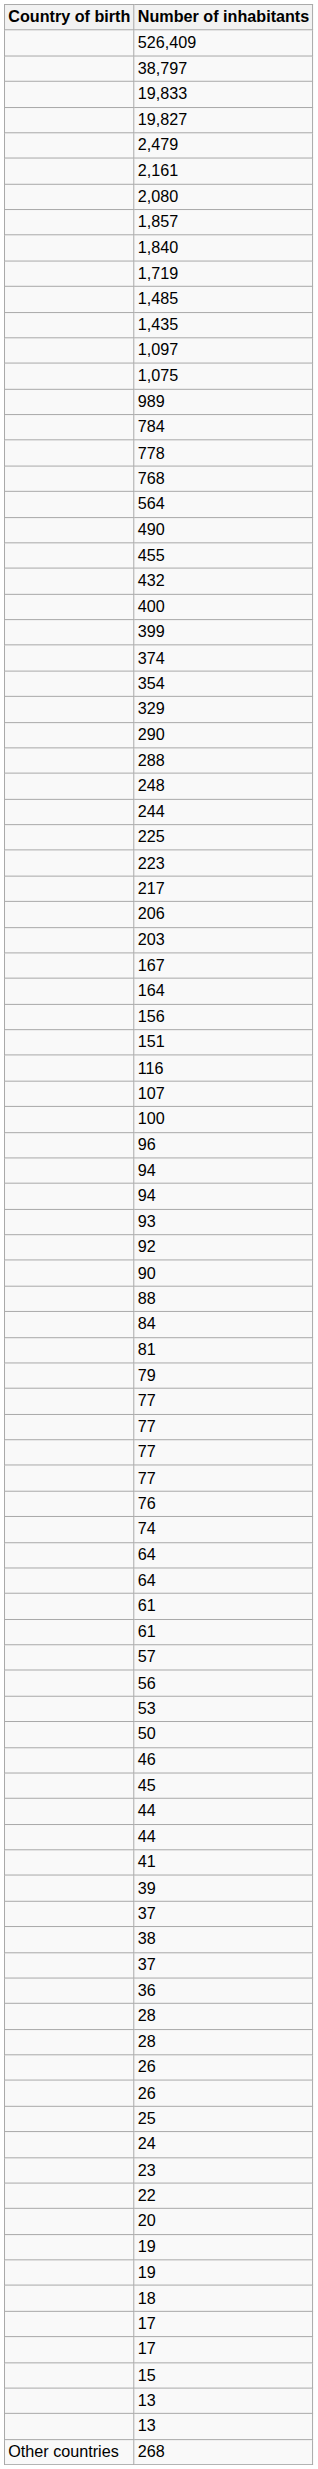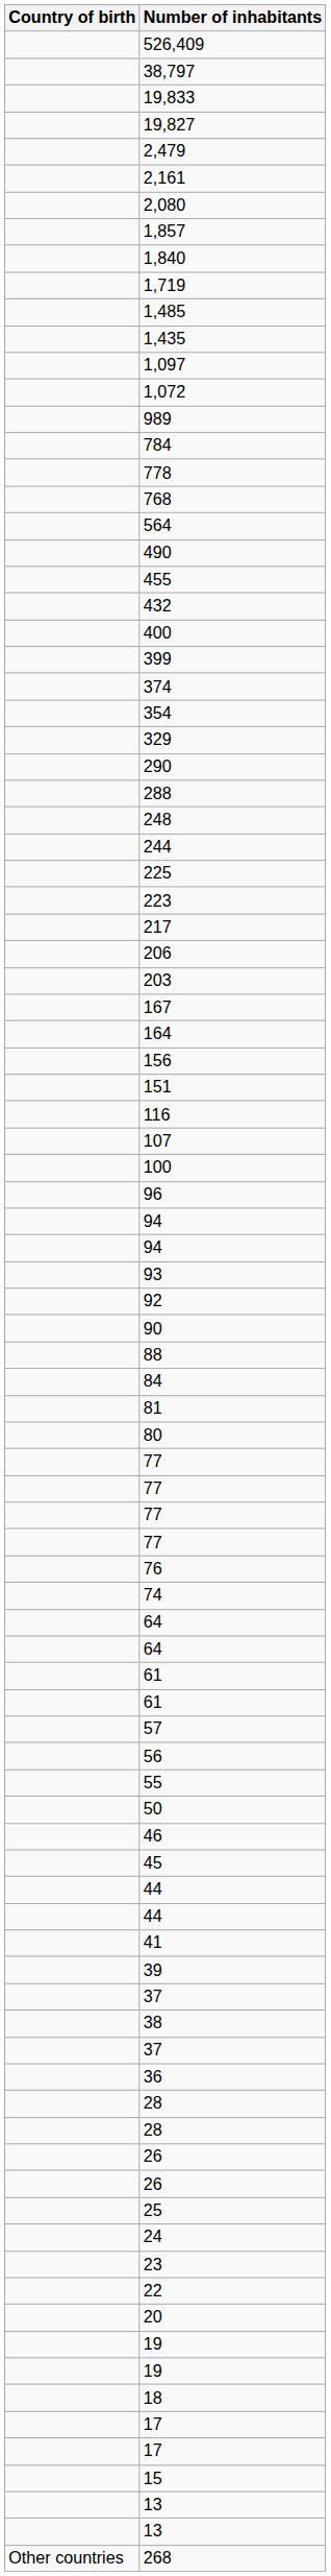 <table class="wikitable">
 <tr>
 <th>Country of birth</th>
 <th>Number of inhabitants</th>
 </tr>
 <tr>
 <td></td>
 <td>526,409</td>
 </tr>
 <tr>
 <td></td>
 <td>38,797</td>
 </tr>
 <tr>
 <td></td>
 <td>19,833</td>
 </tr>
 <tr>
 <td></td>
 <td>19,827</td>
 </tr>
 <tr>
 <td></td>
 <td>2,479</td>
 </tr>
 <tr>
 <td></td>
 <td>2,161</td>
 </tr>
 <tr>
 <td></td>
 <td>2,080</td>
 </tr>
 <tr>
 <td></td>
 <td>1,857</td>
 </tr>
 <tr>
 <td></td>
 <td>1,840</td>
 </tr>
 <tr>
 <td></td>
 <td>1,719</td>
 </tr>
 <tr>
 <td></td>
 <td>1,485</td>
 </tr>
 <tr>
 <td></td>
 <td>1,435</td>
 </tr>
 <tr>
 <td></td>
 <td>1,097</td>
 </tr>
 <tr>
 <td></td>
-<td>1,075</td>
+<td>1,072</td>
 </tr>
 <tr>
 <td></td>
 <td>989</td>
 </tr>
 <tr>
 <td></td>
 <td>784</td>
 </tr>
 <tr>
 <td></td>
 <td>778</td>
 </tr>
 <tr>
 <td></td>
 <td>768</td>
 </tr>
 <tr>
 <td></td>
 <td>564</td>
 </tr>
 <tr>
 <td></td>
 <td>490</td>
 </tr>
 <tr>
 <td></td>
 <td>455</td>
 </tr>
 <tr>
 <td></td>
 <td>432</td>
 </tr>
 <tr>
 <td> </td>
 <td>400</td>
 </tr>
 <tr>
 <td></td>
 <td>399</td>
 </tr>
 <tr>
 <td></td>
 <td>374</td>
 </tr>
 <tr>
 <td></td>
 <td>354</td>
 </tr>
 <tr>
 <td></td>
 <td>329</td>
 </tr>
 <tr>
 <td></td>
 <td>290</td>
 </tr>
 <tr>
 <td></td>
 <td>288</td>
 </tr>
 <tr>
 <td></td>
 <td>248</td>
 </tr>
 <tr>
 <td></td>
 <td>244</td>
 </tr>
 <tr>
 <td></td>
 <td>225</td>
 </tr>
 <tr>
 <td></td>
 <td>223</td>
 </tr>
 <tr>
 <td></td>
 <td>217</td>
 </tr>
 <tr>
 <td></td>
 <td>206</td>
 </tr>
 <tr>
 <td></td>
 <td>203</td>
 </tr>
 <tr>
 <td></td>
 <td>167</td>
 </tr>
 <tr>
 <td></td>
 <td>164</td>
 </tr>
 <tr>
 <td></td>
 <td>156</td>
 </tr>
 <tr>
 <td></td>
 <td>151</td>
 </tr>
 <tr>
 <td></td>
 <td>116</td>
 </tr>
 <tr>
 <td></td>
 <td>107</td>
 </tr>
 <tr>
 <td></td>
 <td>100</td>
 </tr>
 <tr>
 <td></td>
 <td>96</td>
 </tr>
 <tr>
 <td></td>
 <td>94</td>
 </tr>
 <tr>
 <td></td>
 <td>94</td>
 </tr>
 <tr>
 <td></td>
 <td>93</td>
 </tr>
 <tr>
 <td></td>
 <td>92</td>
 </tr>
 <tr>
 <td></td>
 <td>90</td>
 </tr>
 <tr>
 <td></td>
 <td>88</td>
 </tr>
 <tr>
 <td></td>
 <td>84</td>
 </tr>
 <tr>
 <td></td>
 <td>81</td>
 </tr>
 <tr>
 <td></td>
-<td>79</td>
+<td>80</td>
 </tr>
 <tr>
 <td></td>
 <td>77</td>
 </tr>
 <tr>
 <td></td>
 <td>77</td>
 </tr>
 <tr>
 <td></td>
 <td>77</td>
 </tr>
 <tr>
 <td></td>
 <td>77</td>
 </tr>
 <tr>
 <td></td>
 <td>76</td>
 </tr>
 <tr>
 <td></td>
 <td>74</td>
 </tr>
 <tr>
 <td></td>
 <td>64</td>
 </tr>
 <tr>
 <td></td>
 <td>64</td>
 </tr>
 <tr>
 <td></td>
 <td>61</td>
 </tr>
 <tr>
 <td></td>
 <td>61</td>
 </tr>
 <tr>
 <td></td>
 <td>57</td>
 </tr>
 <tr>
 <td></td>
 <td>56</td>
 </tr>
 <tr>
 <td></td>
-<td>53</td>
+<td>55</td>
 </tr>
 <tr>
 <td></td>
 <td>50</td>
 </tr>
 <tr>
 <td></td>
 <td>46</td>
 </tr>
 <tr>
 <td></td>
 <td>45</td>
 </tr>
 <tr>
 <td></td>
 <td>44</td>
 </tr>
 <tr>
 <td></td>
 <td>44</td>
 </tr>
 <tr>
 <td></td>
 <td>41</td>
 </tr>
 <tr>
 <td></td>
 <td>39</td>
 </tr>
 <tr>
 <td></td>
 <td>37</td>
 </tr>
 <tr>
 <td></td>
 <td>38</td>
 </tr>
 <tr>
 <td></td>
 <td>37</td>
 </tr>
 <tr>
 <td></td>
 <td>36</td>
 </tr>
 <tr>
 <td></td>
 <td>28</td>
 </tr>
 <tr>
 <td></td>
 <td>28</td>
 </tr>
 <tr>
 <td></td>
 <td>26</td>
 </tr>
 <tr>
 <td></td>
 <td>26</td>
 </tr>
 <tr>
 <td></td>
 <td>25</td>
 </tr>
 <tr>
 <td></td>
 <td>24</td>
 </tr>
 <tr>
 <td></td>
 <td>23</td>
 </tr>
 <tr>
 <td></td>
 <td>22</td>
 </tr>
 <tr>
 <td></td>
 <td>20</td>
 </tr>
 <tr>
 <td></td>
 <td>19</td>
 </tr>
 <tr>
 <td></td>
 <td>19</td>
 </tr>
 <tr>
 <td></td>
 <td>18</td>
 </tr>
 <tr>
 <td></td>
 <td>17</td>
 </tr>
 <tr>
 <td></td>
 <td>17</td>
 </tr>
 <tr>
 <td></td>
 <td>15</td>
 </tr>
 <tr>
 <td></td>
 <td>13</td>
 </tr>
 <tr>
 <td></td>
 <td>13</td>
 </tr>
 <tr>
 <td>Other countries</td>
 <td>268</td>
 </tr>
 <tr>
 </tr>
 </table>
